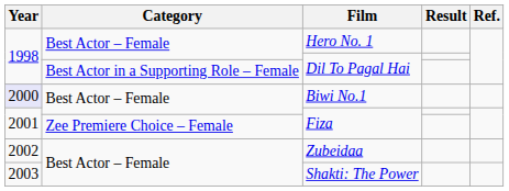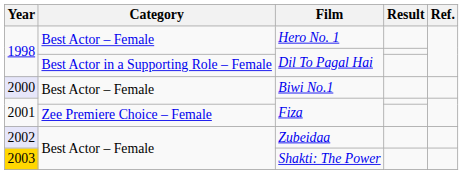 <table class="wikitable">
 <tr>
 <th>Year</th>
 <th>Category</th>
 <th>Film</th>
 <th>Result</th>
 <th>Ref.</th>
 </tr>
 <tr>
 <td rowspan="3"><a href='#'>1998</a></td>
 <td rowspan='2'><a href='#'>Best Actor – Female</a></td>
 <td><em><a href='#'>Hero No. 1</a></em></td>
 <td></td>
 <td rowspan="3"></td>
 </tr>
 <tr>
 <td rowspan="2"><em><a href='#'>Dil To Pagal Hai</a></em></td>
 <td></td>
 </tr>
 <tr>
 <td><a href='#'>Best Actor in a Supporting Role – Female</a></td>
 <td></td>
 </tr>
 <tr>
 <td style="background: lavender;">2000</td>
 <td rowspan="2">Best Actor – Female</td>
 <td><em><a href='#'>Biwi No.1</a></em></td>
 <td></td>
 <td></td>
 </tr>
 <tr>
 <td rowspan="2">2001</td>
 <td rowspan="2"><em><a href='#'>Fiza</a></em></td>
 <td></td>
 <td rowspan="2"></td>
 </tr>
 <tr>
 <td><a href='#'>Zee Premiere Choice – Female</a></td>
 <td></td>
 </tr>
 <tr>
-<td>2002</td>
+<td style="background: lavender;">2002</td>
 <td rowspan="2">Best Actor – Female</td>
 <td><em><a href='#'>Zubeidaa</a></em></td>
 <td></td>
 <td></td>
 </tr>
 <tr>
-<td>2003</td>
+<td style="background: gold;">2003</td>
 <td><em><a href='#'>Shakti: The Power</a></em></td>
 <td></td>
 <td></td>
 </tr>
 </table>
